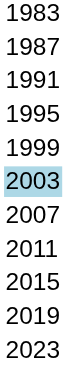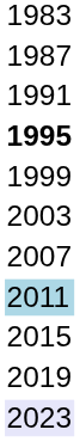 <table>
 <tr>
 <td>1983</td>
 <td></td>
 <td></td>
 <td></td>
 </tr>
 <tr>
 <td>1987</td>
 <td></td>
 <td></td>
 <td></td>
 </tr>
 <tr>
 <td>1991</td>
 <td></td>
 <td></td>
 <td></td>
 </tr>
 <tr>
-<td>1995</td>
+<td><strong>1995</strong></td>
 <td></td>
 <td></td>
 <td></td>
 </tr>
 <tr>
 <td>1999</td>
 <td></td>
 <td></td>
 <td></td>
 </tr>
 <tr>
-<td style="background: lightblue;">2003</td>
+<td>2003</td>
 <td></td>
 <td></td>
 <td></td>
 </tr>
 <tr>
 <td>2007</td>
 <td></td>
 <td></td>
 <td></td>
 </tr>
 <tr>
-<td>2011<br></td>
+<td style="background: lightblue;">2011<br></td>
 <td></td>
 <td></td>
 <td></td>
 </tr>
 <tr>
 <td>2015<br></td>
 <td></td>
 <td></td>
 <td></td>
 </tr>
 <tr>
 <td>2019<br></td>
 <td></td>
 <td></td>
 <td></td>
 </tr>
 <tr>
-<td>2023<br></td>
+<td style="background: lavender;">2023<br></td>
 <td></td>
 <td></td>
 <td></td>
 </tr>
 </table>
